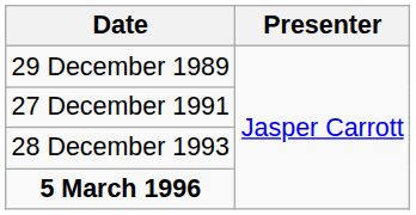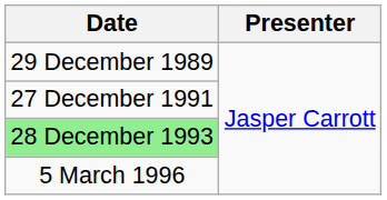 <table class="wikitable" style="text-align:center;">
 <tr>
 <th>Date</th>
 <th>Presenter</th>
 </tr>
 <tr>
 <td>29 December 1989</td>
 <td rowspan="4"><a href='#'>Jasper Carrott</a></td>
 </tr>
 <tr>
 <td>27 December 1991</td>
 </tr>
 <tr>
-<td>28 December 1993</td>
+<td style="background: lightgreen;">28 December 1993</td>
 </tr>
 <tr>
-<td><strong>5 March 1996</strong></td>
+<td>5 March 1996</td>
 </tr>
 </table>
